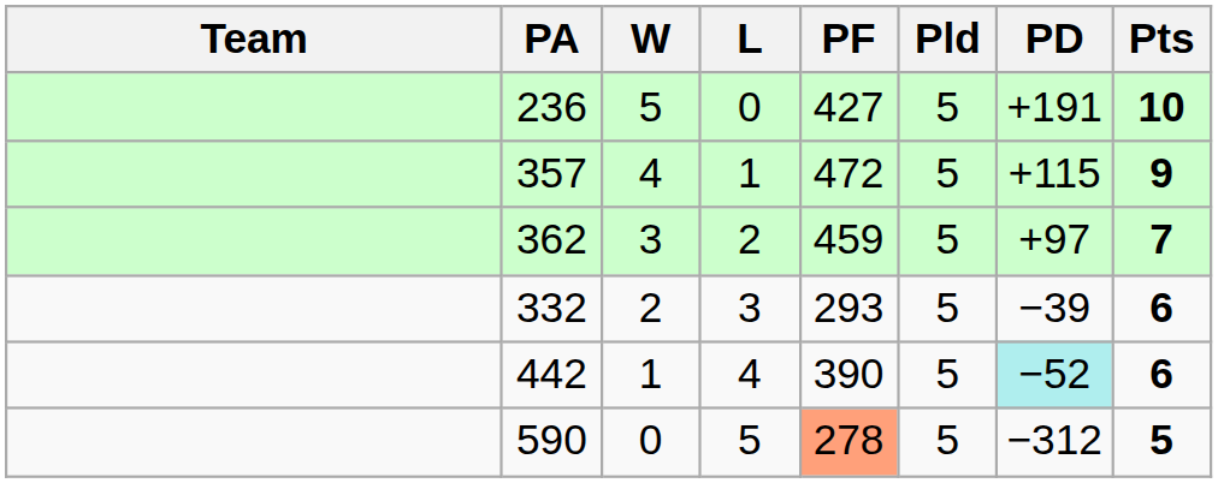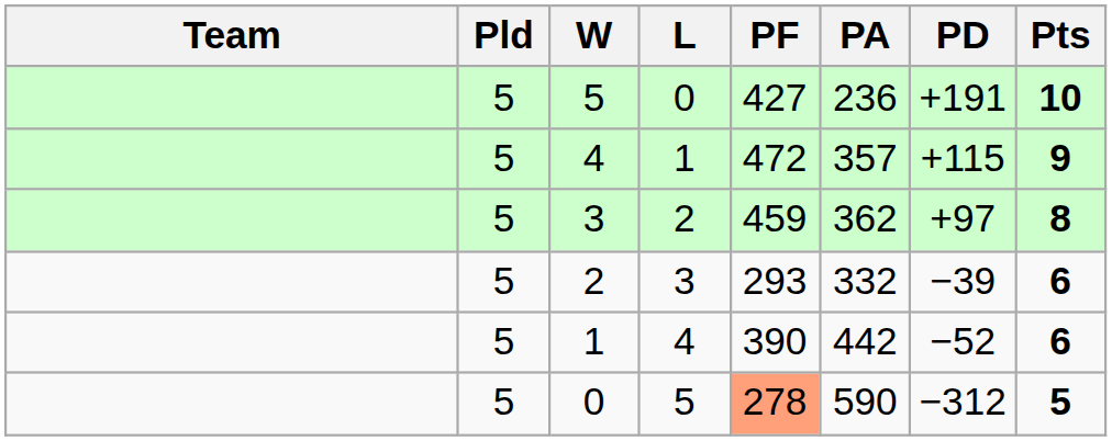 <table class=wikitable style="text-align:center">
 <tr>
 <th width=180>Team</th>
-<th width=30>PA</th>
+<th width=30>Pld</th>
 <th width=30>W</th>
 <th width=30>L</th>
 <th width=30>PF</th>
-<th width=30>Pld</th>
+<th width=30>PA</th>
 <th width=30>PD</th>
 <th width=30>Pts</th>
 </tr>
 <tr bgcolor="#ccffcc">
 <td align="left"></td>
-<td>236</td>
+<td>5</td>
 <td>5</td>
 <td>0</td>
 <td>427</td>
-<td>5</td>
+<td>236</td>
 <td>+191</td>
 <td><strong>10</strong></td>
 </tr>
 <tr bgcolor="#ccffcc">
 <td align="left"></td>
-<td>357</td>
+<td>5</td>
 <td>4</td>
 <td>1</td>
 <td>472</td>
-<td>5</td>
+<td>357</td>
 <td>+115</td>
 <td><strong>9</strong></td>
 </tr>
 <tr bgcolor="#ccffcc">
 <td align="left"></td>
-<td>362</td>
+<td>5</td>
 <td>3</td>
 <td>2</td>
 <td>459</td>
-<td>5</td>
+<td>362</td>
 <td>+97</td>
-<td><strong>7</strong></td>
+<td><strong>8</strong></td>
 </tr>
 <tr>
 <td align="left"></td>
-<td>332</td>
+<td>5</td>
 <td>2</td>
 <td>3</td>
 <td>293</td>
-<td>5</td>
+<td>332</td>
 <td>−39</td>
 <td><strong>6</strong></td>
 </tr>
 <tr>
 <td align="left"></td>
-<td>442</td>
+<td>5</td>
 <td>1</td>
 <td>4</td>
 <td>390</td>
-<td>5</td>
-<td style="background: paleturquoise;">−52</td>
+<td>442</td>
+<td>−52</td>
 <td><strong>6</strong></td>
 </tr>
 <tr>
 <td align="left"></td>
-<td>590</td>
+<td>5</td>
 <td>0</td>
 <td>5</td>
 <td style="background: lightsalmon;">278</td>
-<td>5</td>
+<td>590</td>
 <td>−312</td>
 <td><strong>5</strong></td>
 </tr>
 </table>
